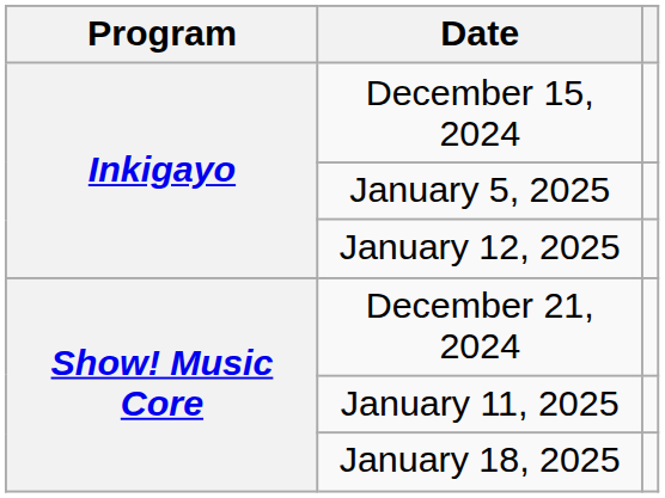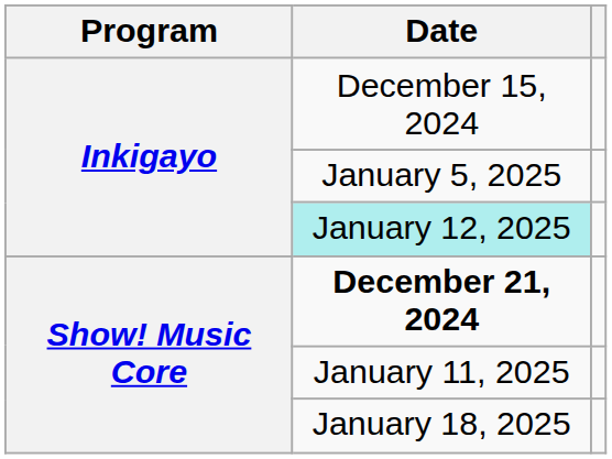 <table class="wikitable plainrowheaders sortable" style="text-align:center">
 <tr>
 <th width="130">Program</th>
 <th width="135">Date</th>
 <th scope="col" class="unsortable"></th>
 </tr>
 <tr>
 <th scope="row" rowspan="3"><em><a href='#'>Inkigayo</a></em></th>
 <td>December 15, 2024</td>
 <td align="center"></td>
 </tr>
 <tr>
 <td>January 5, 2025</td>
 <td align="center"></td>
 </tr>
 <tr>
-<td>January 12, 2025</td>
+<td style="background: paleturquoise;">January 12, 2025</td>
 <td align="center"></td>
 </tr>
 <tr>
 <th scope="row" rowspan="3"><em><a href='#'>Show! Music Core</a></em></th>
-<td>December 21, 2024</td>
+<td><strong>December 21, 2024</strong></td>
 <td align="center"></td>
 </tr>
 <tr>
 <td>January 11, 2025</td>
 <td align="center"></td>
 </tr>
 <tr>
 <td>January 18, 2025</td>
 <td align="center"></td>
 </tr>
 </table>
